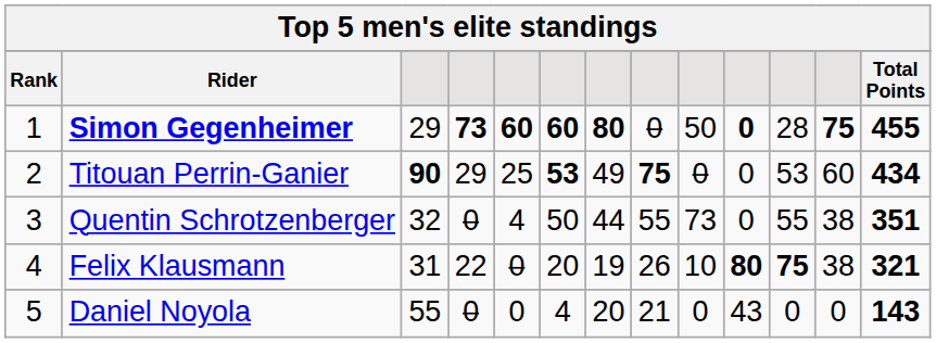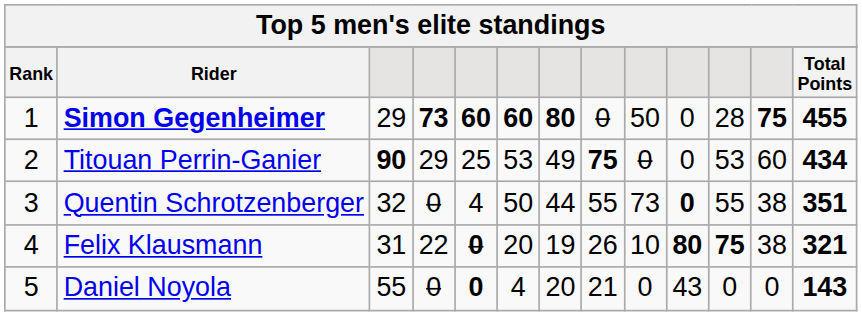 <table class="wikitable sortable">
 <tr>
 <th colspan=27 align="center"><strong>Top 5 men's elite standings</strong></th>
 </tr>
 <tr>
 </tr>
 <tr style="font-size:8pt;font-weight:bold">
 <th align="center">Rank</th>
 <th align="center">Rider</th>
 <th class=unsortable style="background:#E5E4E2;"><small></small></th>
 <th class=unsortable style="background:#E5E4E2;"><small></small></th>
 <th class=unsortable style="background:#E5E4E2;"><small></small></th>
 <th class=unsortable style="background:#E5E4E2;"><small></small></th>
 <th class=unsortable style="background:#E5E4E2;"><small></small></th>
 <th class=unsortable style="background:#E5E4E2;"><small></small></th>
 <th class=unsortable style="background:#E5E4E2;"><small></small></th>
 <th class=unsortable style="background:#E5E4E2;"><small></small></th>
 <th class=unsortable style="background:#E5E4E2;"><small></small></th>
 <th class=unsortable style="background:#E5E4E2;"><small></small></th>
 <th align="center">Total<br>Points</th>
 </tr>
 <tr>
 <td align=center>1</td>
 <td> <strong><a href='#'>Simon Gegenheimer</a></strong></td>
 <td align=center>29</td>
 <td align=center><strong>73</strong></td>
 <td align=center><strong>60</strong></td>
 <td align=center><strong>60</strong></td>
 <td align=center><strong>80</strong></td>
 <td align=center><s>0</s></td>
 <td align=center>50</td>
-<td align=center><strong>0</strong></td>
+<td align=center>0</td>
 <td align=center>28</td>
 <td align=center><strong>75</strong></td>
 <td align=center><strong>455</strong></td>
 </tr>
 <tr>
 <td align=center>2</td>
 <td> <a href='#'>Titouan Perrin-Ganier</a></td>
 <td align=center><strong>90</strong></td>
 <td align=center>29</td>
 <td align=center>25</td>
-<td align=center><strong>53</strong></td>
+<td align=center>53</td>
 <td align=center>49</td>
 <td align=center><strong>75</strong></td>
 <td align=center><s>0</s></td>
 <td align=center>0</td>
 <td align=center>53</td>
 <td align=center>60</td>
 <td align=center><strong>434</strong></td>
 </tr>
 <tr>
 <td align=center>3</td>
 <td> <a href='#'>Quentin Schrotzenberger</a></td>
 <td align=center>32</td>
 <td align=center><s>0</s></td>
 <td align=center>4</td>
 <td align=center>50</td>
 <td align=center>44</td>
 <td align=center>55</td>
 <td align=center>73</td>
-<td align=center>0</td>
+<td align=center><strong>0</strong></td>
 <td align=center>55</td>
 <td align=center>38</td>
 <td align=center><strong>351</strong></td>
 </tr>
 <tr>
 <td align=center>4</td>
 <td> <a href='#'>Felix Klausmann</a></td>
 <td align=center>31</td>
 <td align=center>22</td>
-<td align=center><s>0</s></td>
+<td align=center><strong><s>0</s></strong></td>
 <td align=center>20</td>
 <td align=center>19</td>
 <td align=center>26</td>
 <td align=center>10</td>
 <td align=center><strong>80</strong></td>
 <td align=center><strong>75</strong></td>
 <td align=center>38</td>
 <td align=center><strong>321</strong></td>
 </tr>
 <tr>
 <td align=center>5</td>
 <td> <a href='#'>Daniel Noyola</a></td>
 <td align=center>55</td>
 <td align=center><s>0</s></td>
-<td align=center>0</td>
+<td align=center><strong>0</strong></td>
 <td align=center>4</td>
 <td align=center>20</td>
 <td align=center>21</td>
 <td align=center>0</td>
 <td align=center>43</td>
 <td align=center>0</td>
 <td align=center>0</td>
 <td align=center><strong>143</strong><br></td>
 </tr>
 </table>
